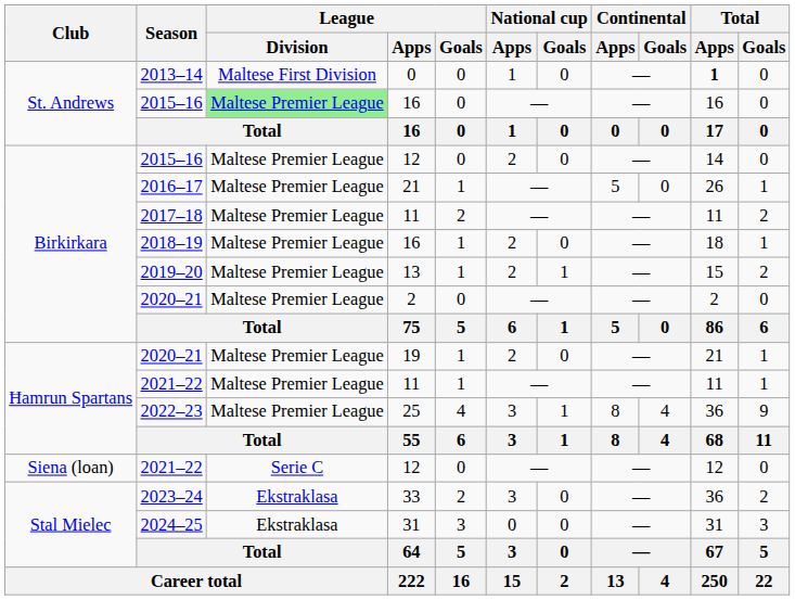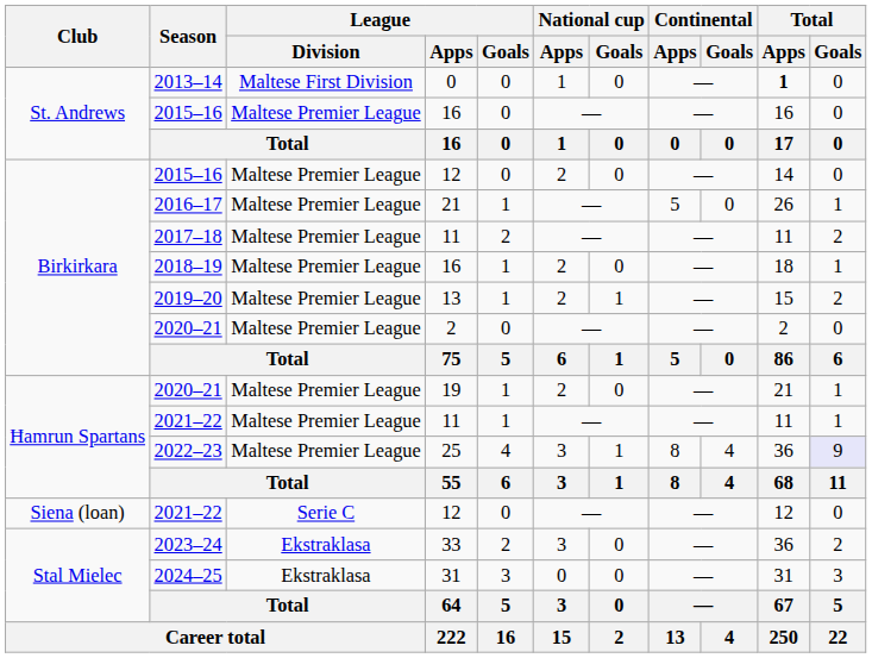 <table class="wikitable" style="text-align:center">
 <tr>
 <th rowspan="2">Club</th>
 <th rowspan="2">Season</th>
 <th colspan="3">League</th>
 <th colspan="2">National cup</th>
 <th colspan="2">Continental</th>
 <th colspan="2">Total</th>
 </tr>
 <tr>
 <th>Division</th>
 <th>Apps</th>
 <th>Goals</th>
 <th>Apps</th>
 <th>Goals</th>
 <th>Apps</th>
 <th>Goals</th>
 <th>Apps</th>
 <th>Goals</th>
 </tr>
 <tr>
 <td rowspan="3"><a href='#'>St. Andrews</a></td>
 <td><a href='#'>2013–14</a></td>
 <td><a href='#'>Maltese First Division</a></td>
 <td>0</td>
 <td>0</td>
 <td>1</td>
 <td>0</td>
 <td colspan="2">—</td>
 <td><strong>1</strong></td>
 <td>0</td>
 </tr>
 <tr>
 <td><a href='#'>2015–16</a></td>
-<td style="background: lightgreen;"><a href='#'>Maltese Premier League</a></td>
+<td><a href='#'>Maltese Premier League</a></td>
 <td>16</td>
 <td>0</td>
 <td colspan="2">—</td>
 <td colspan="2">—</td>
 <td>16</td>
 <td>0</td>
 </tr>
 <tr>
 <th colspan="2">Total</th>
 <th>16</th>
 <th>0</th>
 <th>1</th>
 <th>0</th>
 <th>0</th>
 <th>0</th>
 <th>17</th>
 <th>0</th>
 </tr>
 <tr>
 <td rowspan="7"><a href='#'>Birkirkara</a></td>
 <td><a href='#'>2015–16</a></td>
 <td>Maltese Premier League</td>
 <td>12</td>
 <td>0</td>
 <td>2</td>
 <td>0</td>
 <td colspan="2">—</td>
 <td>14</td>
 <td>0</td>
 </tr>
 <tr>
 <td><a href='#'>2016–17</a></td>
 <td>Maltese Premier League</td>
 <td>21</td>
 <td>1</td>
 <td colspan="2">—</td>
 <td>5</td>
 <td>0</td>
 <td>26</td>
 <td>1</td>
 </tr>
 <tr>
 <td><a href='#'>2017–18</a></td>
 <td>Maltese Premier League</td>
 <td>11</td>
 <td>2</td>
 <td colspan="2">—</td>
 <td colspan="2">—</td>
 <td>11</td>
 <td>2</td>
 </tr>
 <tr>
 <td><a href='#'>2018–19</a></td>
 <td>Maltese Premier League</td>
 <td>16</td>
 <td>1</td>
 <td>2</td>
 <td>0</td>
 <td colspan="2">—</td>
 <td>18</td>
 <td>1</td>
 </tr>
 <tr>
 <td><a href='#'>2019–20</a></td>
 <td>Maltese Premier League</td>
 <td>13</td>
 <td>1</td>
 <td>2</td>
 <td>1</td>
 <td colspan="2">—</td>
 <td>15</td>
 <td>2</td>
 </tr>
 <tr>
 <td><a href='#'>2020–21</a></td>
 <td>Maltese Premier League</td>
 <td>2</td>
 <td>0</td>
 <td colspan="2">—</td>
 <td colspan="2">—</td>
 <td>2</td>
 <td>0</td>
 </tr>
 <tr>
 <th colspan="2">Total</th>
 <th>75</th>
 <th>5</th>
 <th>6</th>
 <th>1</th>
 <th>5</th>
 <th>0</th>
 <th>86</th>
 <th>6</th>
 </tr>
 <tr>
 <td rowspan="4"><a href='#'>Ħamrun Spartans</a></td>
 <td><a href='#'>2020–21</a></td>
 <td>Maltese Premier League</td>
 <td>19</td>
 <td>1</td>
 <td>2</td>
 <td>0</td>
 <td colspan="2">—</td>
 <td>21</td>
 <td>1</td>
 </tr>
 <tr>
 <td><a href='#'>2021–22</a></td>
 <td>Maltese Premier League</td>
 <td>11</td>
 <td>1</td>
 <td colspan="2">—</td>
 <td colspan="2">—</td>
 <td>11</td>
 <td>1</td>
 </tr>
 <tr>
 <td><a href='#'>2022–23</a></td>
 <td>Maltese Premier League</td>
 <td>25</td>
 <td>4</td>
 <td>3</td>
 <td>1</td>
 <td>8</td>
 <td>4</td>
 <td>36</td>
-<td>9</td>
+<td style="background: lavender;">9</td>
 </tr>
 <tr>
 <th colspan="2">Total</th>
 <th>55</th>
 <th>6</th>
 <th>3</th>
 <th>1</th>
 <th>8</th>
 <th>4</th>
 <th>68</th>
 <th>11</th>
 </tr>
 <tr>
 <td><a href='#'>Siena</a> (loan)</td>
 <td><a href='#'>2021–22</a></td>
 <td><a href='#'>Serie C</a></td>
 <td>12</td>
 <td>0</td>
 <td colspan="2">—</td>
 <td colspan="2">—</td>
 <td>12</td>
 <td>0</td>
 </tr>
 <tr>
 <td rowspan="3"><a href='#'>Stal Mielec</a></td>
 <td><a href='#'>2023–24</a></td>
 <td><a href='#'>Ekstraklasa</a></td>
 <td>33</td>
 <td>2</td>
 <td>3</td>
 <td>0</td>
 <td colspan="2">—</td>
 <td>36</td>
 <td>2</td>
 </tr>
 <tr>
 <td><a href='#'>2024–25</a></td>
 <td>Ekstraklasa</td>
 <td>31</td>
 <td>3</td>
 <td>0</td>
 <td>0</td>
 <td colspan="2">—</td>
 <td>31</td>
 <td>3</td>
 </tr>
 <tr>
 <th colspan="2">Total</th>
 <th>64</th>
 <th>5</th>
 <th>3</th>
 <th>0</th>
 <th colspan="2">—</th>
 <th>67</th>
 <th>5</th>
 </tr>
 <tr>
 <th colspan="3">Career total</th>
 <th>222</th>
 <th>16</th>
 <th>15</th>
 <th>2</th>
 <th>13</th>
 <th>4</th>
 <th>250</th>
 <th>22</th>
 </tr>
 </table>
